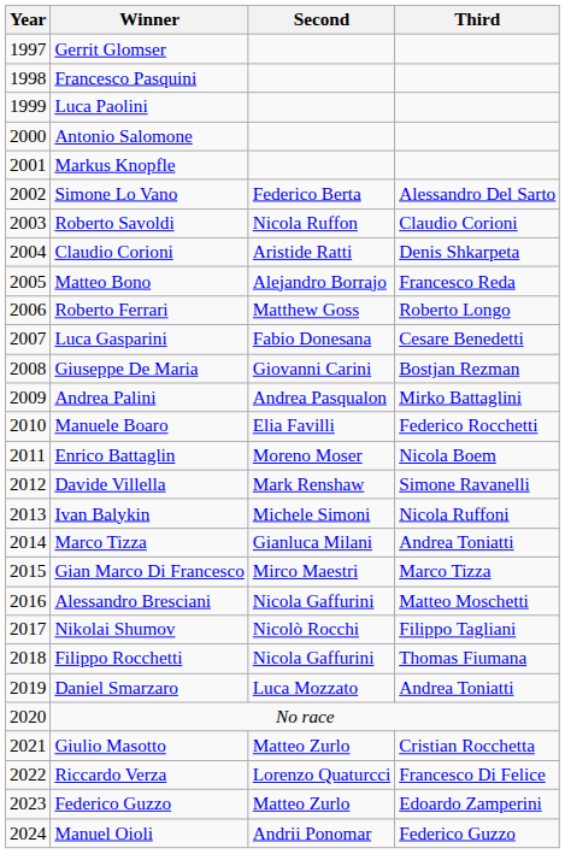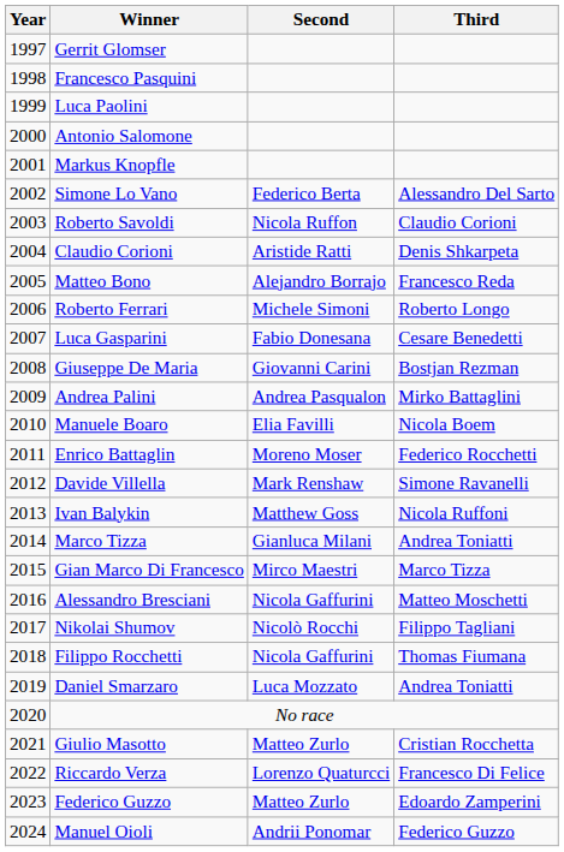 <table class="wikitable">
 <tr>
 <th>Year</th>
 <th>Winner</th>
 <th>Second</th>
 <th>Third</th>
 </tr>
 <tr>
 <td>1997</td>
 <td> <a href='#'>Gerrit Glomser</a></td>
 <td></td>
 <td></td>
 </tr>
 <tr>
 <td>1998</td>
 <td> <a href='#'>Francesco Pasquini</a></td>
 <td></td>
 <td></td>
 </tr>
 <tr>
 <td>1999</td>
 <td> <a href='#'>Luca Paolini</a></td>
 <td></td>
 <td></td>
 </tr>
 <tr>
 <td>2000</td>
 <td> <a href='#'>Antonio Salomone</a></td>
 <td></td>
 <td></td>
 </tr>
 <tr>
 <td>2001</td>
 <td> <a href='#'>Markus Knopfle</a></td>
 <td></td>
 <td></td>
 </tr>
 <tr>
 <td>2002</td>
 <td> <a href='#'>Simone Lo Vano</a></td>
 <td> <a href='#'>Federico Berta</a></td>
 <td> <a href='#'>Alessandro Del Sarto</a></td>
 </tr>
 <tr>
 <td>2003</td>
 <td> <a href='#'>Roberto Savoldi</a></td>
 <td> <a href='#'>Nicola Ruffon</a></td>
 <td> <a href='#'>Claudio Corioni</a></td>
 </tr>
 <tr>
 <td>2004</td>
 <td> <a href='#'>Claudio Corioni</a></td>
 <td> <a href='#'>Aristide Ratti</a></td>
 <td> <a href='#'>Denis Shkarpeta</a></td>
 </tr>
 <tr>
 <td>2005</td>
 <td> <a href='#'>Matteo Bono</a></td>
 <td> <a href='#'>Alejandro Borrajo</a></td>
 <td> <a href='#'>Francesco Reda</a></td>
 </tr>
 <tr>
 <td>2006</td>
 <td> <a href='#'>Roberto Ferrari</a></td>
-<td> <a href='#'>Matthew Goss</a></td>
+<td> <a href='#'>Michele Simoni</a></td>
 <td> <a href='#'>Roberto Longo</a></td>
 </tr>
 <tr>
 <td>2007</td>
 <td> <a href='#'>Luca Gasparini</a></td>
 <td> <a href='#'>Fabio Donesana</a></td>
 <td> <a href='#'>Cesare Benedetti</a></td>
 </tr>
 <tr>
 <td>2008</td>
 <td> <a href='#'>Giuseppe De Maria</a></td>
 <td> <a href='#'>Giovanni Carini</a></td>
 <td> <a href='#'>Bostjan Rezman</a></td>
 </tr>
 <tr>
 <td>2009</td>
 <td> <a href='#'>Andrea Palini</a></td>
 <td> <a href='#'>Andrea Pasqualon</a></td>
 <td> <a href='#'>Mirko Battaglini</a></td>
 </tr>
 <tr>
 <td>2010</td>
 <td> <a href='#'>Manuele Boaro</a></td>
 <td> <a href='#'>Elia Favilli</a></td>
-<td> <a href='#'>Federico Rocchetti</a></td>
+<td> <a href='#'>Nicola Boem</a></td>
 </tr>
 <tr>
 <td>2011</td>
 <td> <a href='#'>Enrico Battaglin</a></td>
 <td> <a href='#'>Moreno Moser</a></td>
-<td> <a href='#'>Nicola Boem</a></td>
+<td> <a href='#'>Federico Rocchetti</a></td>
 </tr>
 <tr>
 <td>2012</td>
 <td> <a href='#'>Davide Villella</a></td>
 <td> <a href='#'>Mark Renshaw</a></td>
 <td> <a href='#'>Simone Ravanelli</a></td>
 </tr>
 <tr>
 <td>2013</td>
 <td> <a href='#'>Ivan Balykin</a></td>
-<td> <a href='#'>Michele Simoni</a></td>
+<td> <a href='#'>Matthew Goss</a></td>
 <td> <a href='#'>Nicola Ruffoni</a></td>
 </tr>
 <tr>
 <td>2014</td>
 <td> <a href='#'>Marco Tizza</a></td>
 <td> <a href='#'>Gianluca Milani</a></td>
 <td> <a href='#'>Andrea Toniatti</a></td>
 </tr>
 <tr>
 <td>2015</td>
 <td> <a href='#'>Gian Marco Di Francesco</a></td>
 <td> <a href='#'>Mirco Maestri</a></td>
 <td> <a href='#'>Marco Tizza</a></td>
 </tr>
 <tr>
 <td>2016</td>
 <td> <a href='#'>Alessandro Bresciani</a></td>
 <td> <a href='#'>Nicola Gaffurini</a></td>
 <td> <a href='#'>Matteo Moschetti</a></td>
 </tr>
 <tr>
 <td>2017</td>
 <td> <a href='#'>Nikolai Shumov</a></td>
 <td> <a href='#'>Nicolò Rocchi</a></td>
 <td> <a href='#'>Filippo Tagliani</a></td>
 </tr>
 <tr>
 <td>2018</td>
 <td> <a href='#'>Filippo Rocchetti</a></td>
 <td> <a href='#'>Nicola Gaffurini</a></td>
 <td> <a href='#'>Thomas Fiumana</a></td>
 </tr>
 <tr>
 <td>2019</td>
 <td> <a href='#'>Daniel Smarzaro</a></td>
 <td> <a href='#'>Luca Mozzato</a></td>
 <td> <a href='#'>Andrea Toniatti</a></td>
 </tr>
 <tr>
 <td>2020</td>
 <td colspan=3 align=center><em>No race</em></td>
 </tr>
 <tr>
 <td>2021</td>
 <td> <a href='#'>Giulio Masotto</a></td>
 <td> <a href='#'>Matteo Zurlo</a></td>
 <td> <a href='#'>Cristian Rocchetta</a></td>
 </tr>
 <tr>
 <td>2022</td>
 <td> <a href='#'>Riccardo Verza</a></td>
 <td> <a href='#'>Lorenzo Quaturcci</a></td>
 <td> <a href='#'>Francesco Di Felice</a></td>
 </tr>
 <tr>
 <td>2023</td>
 <td> <a href='#'>Federico Guzzo</a></td>
 <td> <a href='#'>Matteo Zurlo</a></td>
 <td> <a href='#'>Edoardo Zamperini</a></td>
 </tr>
 <tr>
 <td>2024</td>
 <td> <a href='#'>Manuel Oioli</a></td>
 <td> <a href='#'>Andrii Ponomar</a></td>
 <td> <a href='#'>Federico Guzzo</a></td>
 </tr>
 </table>
